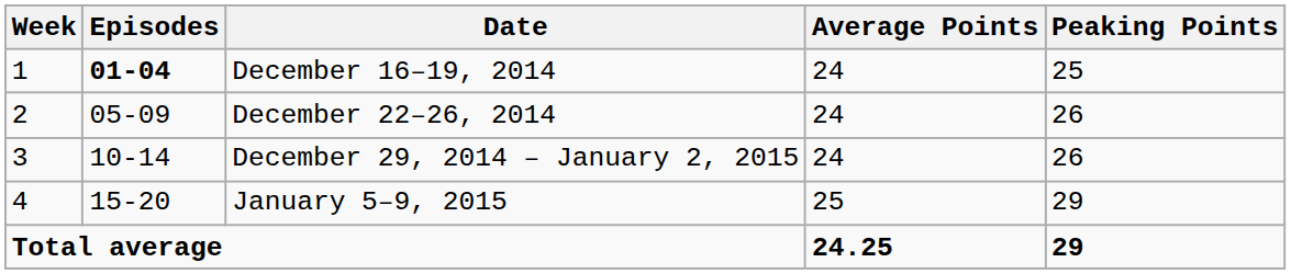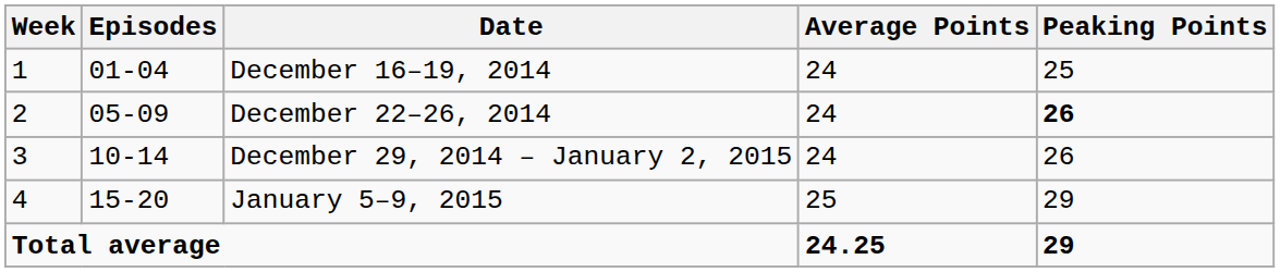 <table class="wikitable">
 <tr>
 <th>Week</th>
 <th>Episodes</th>
 <th>Date</th>
 <th>Average Points</th>
 <th>Peaking Points</th>
 </tr>
 <tr>
 <td>1</td>
-<td><strong>01-04</strong></td>
+<td>01-04</td>
 <td>December 16–19, 2014</td>
 <td>24</td>
 <td>25</td>
 </tr>
 <tr>
 <td>2</td>
 <td>05-09</td>
 <td>December 22–26, 2014</td>
 <td>24</td>
-<td>26</td>
+<td><strong>26</strong></td>
 </tr>
 <tr>
 <td>3</td>
 <td>10-14</td>
 <td>December 29, 2014 – January 2, 2015</td>
 <td>24</td>
 <td>26</td>
 </tr>
 <tr>
 <td>4</td>
 <td>15-20</td>
 <td>January 5–9, 2015</td>
 <td>25</td>
 <td>29</td>
 </tr>
 <tr>
 <td colspan="3"><strong>Total average</strong></td>
 <td><strong>24.25</strong></td>
 <td><strong>29</strong></td>
 </tr>
 </table>
